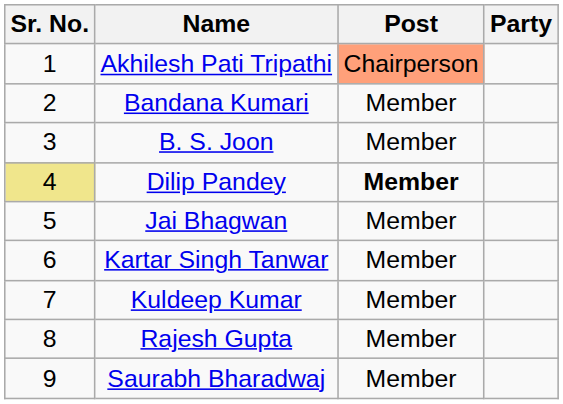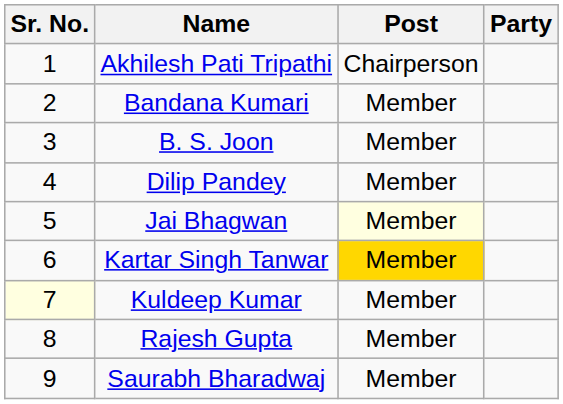 <table class="wikitable sortable">
 <tr>
 <th>Sr. No.</th>
 <th>Name</th>
 <th>Post</th>
 <th colspan="2">Party</th>
 </tr>
 <tr align="center">
 <td>1</td>
 <td><a href='#'>Akhilesh Pati Tripathi</a></td>
-<td style="background: lightsalmon;">Chairperson</td>
+<td>Chairperson</td>
 <td></td>
 </tr>
 <tr align="center">
 <td>2</td>
 <td><a href='#'>Bandana Kumari</a></td>
 <td>Member</td>
 <td></td>
 </tr>
 <tr align="center">
 <td>3</td>
 <td><a href='#'>B. S. Joon</a></td>
 <td>Member</td>
 <td></td>
 </tr>
 <tr align="center">
-<td style="background: khaki;">4</td>
+<td>4</td>
 <td><a href='#'>Dilip Pandey</a></td>
-<td><strong>Member</strong></td>
+<td>Member</td>
 <td></td>
 </tr>
 <tr align="center">
 <td>5</td>
 <td><a href='#'>Jai Bhagwan</a></td>
-<td>Member</td>
+<td style="background: lightyellow;">Member</td>
 <td></td>
 </tr>
 <tr align="center">
 <td>6</td>
 <td><a href='#'>Kartar Singh Tanwar</a></td>
-<td>Member</td>
+<td style="background: gold;">Member</td>
 <td></td>
 </tr>
 <tr align="center">
-<td>7</td>
+<td style="background: lightyellow;">7</td>
 <td><a href='#'>Kuldeep Kumar</a></td>
 <td>Member</td>
 <td></td>
 </tr>
 <tr align="center">
 <td>8</td>
 <td><a href='#'>Rajesh Gupta</a></td>
 <td>Member</td>
 <td></td>
 </tr>
 <tr align="center">
 <td>9</td>
 <td><a href='#'>Saurabh Bharadwaj</a></td>
 <td>Member</td>
 <td></td>
 </tr>
 </table>
